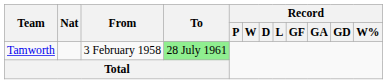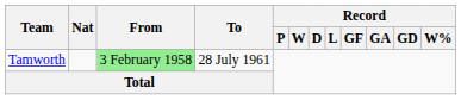 <table class="wikitable" style="text-align: center">
 <tr>
 <th rowspan=2>Team</th>
 <th rowspan=2>Nat</th>
 <th rowspan=2>From</th>
 <th rowspan=2>To</th>
 <th colspan=8>Record</th>
 </tr>
 <tr>
 <th>P</th>
 <th>W</th>
 <th>D</th>
 <th>L</th>
 <th>GF</th>
 <th>GA</th>
 <th>GD</th>
 <th>W%</th>
 </tr>
 <tr>
 <td align=left><a href='#'>Tamworth</a></td>
 <td></td>
-<td align=left>3 February 1958</td>
-<td align=left style="background: lightgreen;">28 July 1961<br></td>
+<td align=left style="background: lightgreen;">3 February 1958</td>
+<td align=left>28 July 1961<br></td>
 </tr>
 <tr>
 <th colspan=4>Total<br></th>
 </tr>
 </table>
